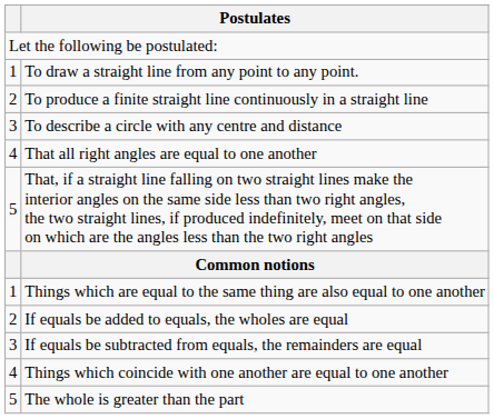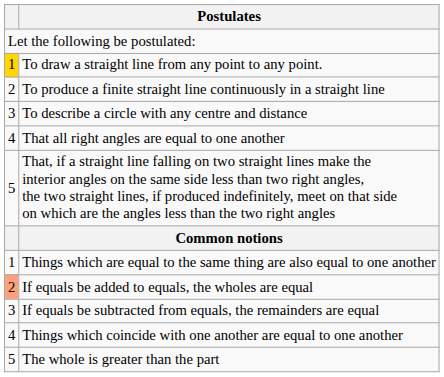 <table class="wikitable plainrowheaders floatright" style="font-size:90%">
 <tr>
 </tr>
 <tr>
 <th scope="col"></th>
 <th scope="col">Postulates</th>
 </tr>
 <tr>
 <td colspan="2">Let the following be postulated:</td>
 </tr>
 <tr>
-<td>1</td>
+<td style="background: gold;">1</td>
 <td>To draw a straight line from any point to any point.</td>
 </tr>
 <tr>
 <td>2</td>
 <td>To produce a finite straight line continuously in a straight line</td>
 </tr>
 <tr>
 <td>3</td>
 <td>To describe a circle with any centre and distance</td>
 </tr>
 <tr>
 <td>4</td>
 <td>That all right angles are equal to one another</td>
 </tr>
 <tr>
 <td>5</td>
 <td>That, if a straight line falling on two straight lines make the<br> interior angles on the same side less than two right angles,<br> the two straight lines, if produced indefinitely, meet on that side<br> on which are the angles less than the two right angles</td>
 </tr>
 <tr>
 <th scope="col"></th>
 <th scope="col">Common notions</th>
 </tr>
 <tr>
 <td>1</td>
 <td>Things which are equal to the same thing are also equal to one another</td>
 </tr>
 <tr>
-<td>2</td>
+<td style="background: lightsalmon;">2</td>
 <td>If equals be added to equals, the wholes are equal</td>
 </tr>
 <tr>
 <td>3</td>
 <td>If equals be subtracted from equals, the remainders are equal</td>
 </tr>
 <tr>
 <td>4</td>
 <td>Things which coincide with one another are equal to one another</td>
 </tr>
 <tr>
 <td>5</td>
 <td>The whole is greater than the part</td>
 </tr>
 </table>
